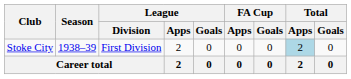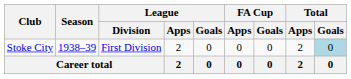 <table class="wikitable" style="text-align: center;">
 <tr>
 <th rowspan="2">Club</th>
 <th rowspan="2">Season</th>
 <th colspan="3">League</th>
 <th colspan="2">FA Cup</th>
 <th colspan="2">Total</th>
 </tr>
 <tr>
 <th>Division</th>
 <th>Apps</th>
 <th>Goals</th>
 <th>Apps</th>
 <th>Goals</th>
 <th>Apps</th>
 <th>Goals</th>
 </tr>
 <tr>
 <td><a href='#'>Stoke City</a></td>
 <td><a href='#'>1938–39</a></td>
 <td><a href='#'>First Division</a></td>
 <td>2</td>
 <td>0</td>
 <td>0</td>
 <td>0</td>
-<td style="background: lightblue;">2</td>
-<td>0</td>
+<td>2</td>
+<td style="background: lightblue;">0</td>
 </tr>
 <tr>
 <th colspan="3">Career total</th>
 <th>2</th>
 <th>0</th>
 <th>0</th>
 <th>0</th>
 <th>2</th>
 <th>0</th>
 </tr>
 </table>
